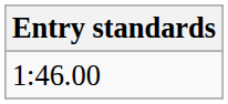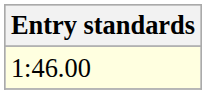 <table class="wikitable" border="1" align="upright">
 <tr>
 <th>Entry standards</th>
 </tr>
 <tr>
-<td>1:46.00</td>
+<td style="background: lightyellow;">1:46.00</td>
 </tr>
 </table>
